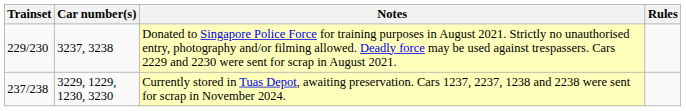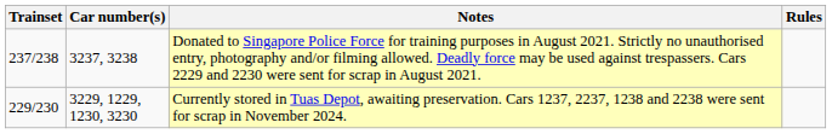 <table class="wikitable sortable">
 <tr>
 <th>Trainset</th>
 <th>Car number(s)</th>
 <th class="unsortable">Notes</th>
 <th>Rules</th>
 </tr>
 <tr>
-<td>229/230</td>
+<td>237/238</td>
 <td>3237, 3238</td>
 <td style="background:#ffb;">Donated to <a href='#'>Singapore Police Force</a> for training purposes in August 2021. Strictly no unauthorised entry, photography and/or filming allowed. <a href='#'>Deadly force</a> may be used against trespassers. Cars 2229 and 2230 were sent for scrap in August 2021.</td>
 <td></td>
 </tr>
 <tr>
-<td>237/238</td>
+<td>229/230</td>
 <td>3229, 1229, 1230, 3230</td>
 <td style="background:#ffb;">Currently stored in <a href='#'>Tuas Depot</a>, awaiting preservation. Cars 1237, 2237, 1238 and 2238 were sent for scrap in November 2024.</td>
 <td></td>
 </tr>
 </table>
